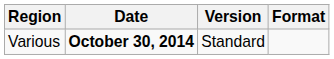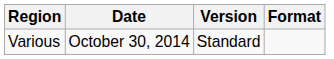 <table class="wikitable">
 <tr>
 <th>Region</th>
 <th>Date</th>
 <th>Version</th>
 <th>Format</th>
 </tr>
 <tr>
 <td>Various</td>
-<td><strong>October 30, 2014</strong></td>
+<td>October 30, 2014</td>
 <td rowspan="2">Standard</td>
 <td></td>
 </tr>
 </table>
